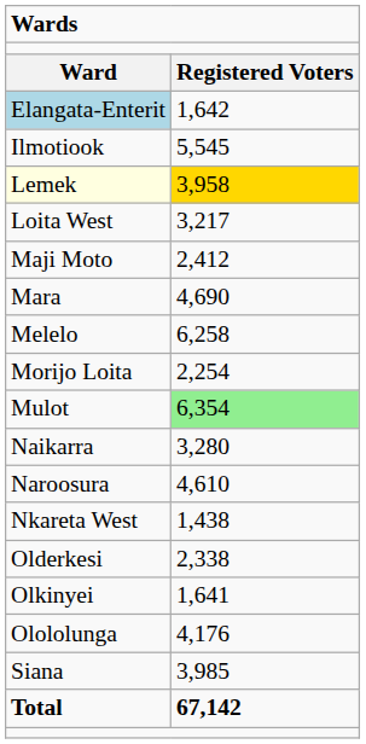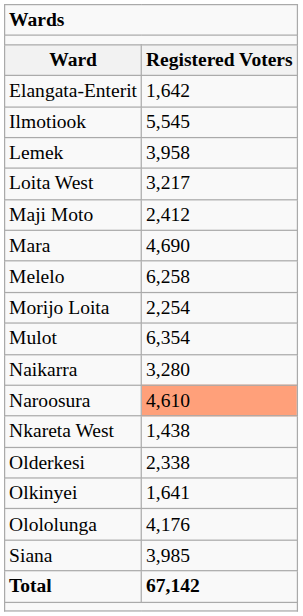 <table class="wikitable">
 <tr>
 <td colspan="2"><strong>Wards</strong></td>
 </tr>
 <tr>
 <td colspan="2"></td>
 </tr>
 <tr>
 <th>Ward</th>
 <th>Registered Voters</th>
 </tr>
 <tr>
-<td style="background: lightblue;">Elangata-Enterit</td>
+<td>Elangata-Enterit</td>
 <td>1,642</td>
 </tr>
 <tr>
 <td>Ilmotiook</td>
 <td>5,545</td>
 </tr>
 <tr>
-<td style="background: lightyellow;">Lemek</td>
-<td style="background: gold;">3,958</td>
+<td>Lemek</td>
+<td>3,958</td>
 </tr>
 <tr>
 <td>Loita West</td>
 <td>3,217</td>
 </tr>
 <tr>
 <td>Maji Moto</td>
 <td>2,412</td>
 </tr>
 <tr>
 <td>Mara</td>
 <td>4,690</td>
 </tr>
 <tr>
 <td>Melelo</td>
 <td>6,258</td>
 </tr>
 <tr>
 <td>Morijo Loita</td>
 <td>2,254</td>
 </tr>
 <tr>
 <td>Mulot</td>
-<td style="background: lightgreen;">6,354</td>
+<td>6,354</td>
 </tr>
 <tr>
 <td>Naikarra</td>
 <td>3,280</td>
 </tr>
 <tr>
 <td>Naroosura</td>
-<td>4,610</td>
+<td style="background: lightsalmon;">4,610</td>
 </tr>
 <tr>
 <td>Nkareta West</td>
 <td>1,438</td>
 </tr>
 <tr>
 <td>Olderkesi</td>
 <td>2,338</td>
 </tr>
 <tr>
 <td>Olkinyei</td>
 <td>1,641</td>
 </tr>
 <tr>
 <td>Olololunga</td>
 <td>4,176</td>
 </tr>
 <tr>
 <td>Siana</td>
 <td>3,985</td>
 </tr>
 <tr>
 <td><strong>Total</strong></td>
 <td><strong>67,142</strong></td>
 </tr>
 <tr>
 <td colspan="2"></td>
 </tr>
 </table>
